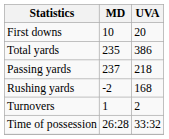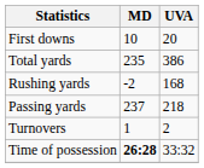 <table class="wikitable">
 <tr>
 <th>Statistics</th>
 <th>MD</th>
 <th>UVA</th>
 </tr>
 <tr>
 <td>First downs</td>
 <td>10</td>
 <td>20</td>
 </tr>
 <tr>
 <td>Total yards</td>
 <td>235</td>
 <td>386</td>
 </tr>
 <tr>
+<td>Rushing yards</td>
+<td>-2</td>
+<td>168</td>
+</tr>
+<tr>
 <td>Passing yards</td>
 <td>237</td>
 <td>218</td>
-</tr>
-<tr>
-<td>Rushing yards</td>
-<td>-2</td>
-<td>168</td>
 </tr>
 <tr>
 <td>Turnovers</td>
 <td>1</td>
 <td>2</td>
 </tr>
 <tr>
 <td>Time of possession</td>
-<td>26:28</td>
+<td><strong>26:28</strong></td>
 <td>33:32</td>
 </tr>
 <tr>
 </tr>
 </table>
